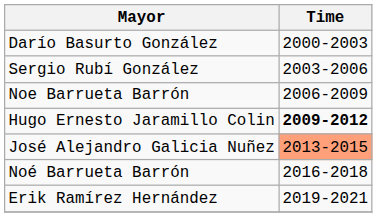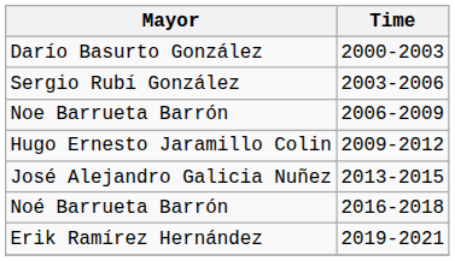 <table class="wikitable">
 <tr align=center style="background:#d8edff">
 <th>Mayor</th>
 <th>Time</th>
 </tr>
 <tr>
 <td> Darío Basurto González</td>
 <td>2000-2003</td>
 </tr>
 <tr>
 <td> Sergio Rubí González</td>
 <td>2003-2006</td>
 </tr>
 <tr>
 <td> Noe Barrueta Barrón</td>
 <td>2006-2009</td>
 </tr>
 <tr>
 <td> Hugo Ernesto Jaramillo Colin</td>
-<td><strong>2009-2012</strong></td>
+<td>2009-2012</td>
 </tr>
 <tr>
 <td> José Alejandro Galicia Nuñez</td>
-<td style="background: lightsalmon;">2013-2015</td>
+<td>2013-2015</td>
 </tr>
 <tr>
 <td> Noé Barrueta Barrón</td>
 <td>2016-2018</td>
 </tr>
 <tr>
 <td> Erik Ramírez Hernández</td>
 <td>2019-2021</td>
 </tr>
 <tr>
 </tr>
 </table>
